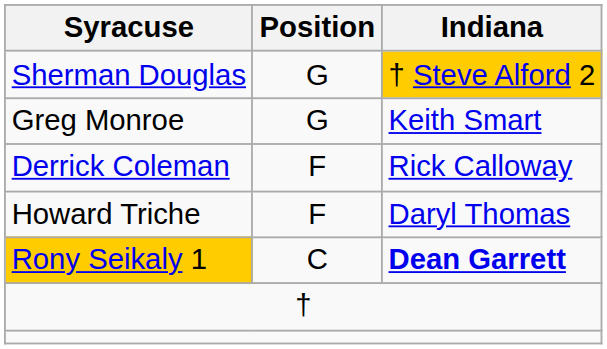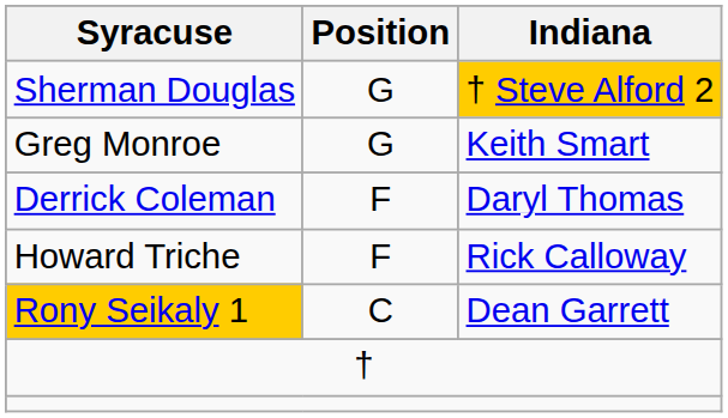 <table class="wikitable">
 <tr>
 <th>Syracuse</th>
 <th colspan="2">Position</th>
 <th>Indiana</th>
 </tr>
 <tr>
 <td><a href='#'>Sherman Douglas</a></td>
 <td colspan=2 style="text-align:center">G</td>
 <td style="background:#ffcc00">† <a href='#'>Steve Alford</a> 2</td>
 </tr>
 <tr>
 <td>Greg Monroe</td>
 <td colspan=2 style="text-align:center">G</td>
 <td><a href='#'>Keith Smart</a></td>
 </tr>
 <tr>
 <td><a href='#'>Derrick Coleman</a></td>
 <td colspan=2 style="text-align:center">F</td>
-<td><a href='#'>Rick Calloway</a></td>
+<td><a href='#'>Daryl Thomas</a></td>
 </tr>
 <tr>
 <td>Howard Triche</td>
 <td colspan=2 style="text-align:center">F</td>
-<td><a href='#'>Daryl Thomas</a></td>
+<td><a href='#'>Rick Calloway</a></td>
 </tr>
 <tr>
 <td style="background:#ffcc00"><a href='#'>Rony Seikaly</a> 1</td>
 <td colspan=2 style="text-align:center">C</td>
-<td><strong><a href='#'>Dean Garrett</a></strong></td>
+<td><a href='#'>Dean Garrett</a></td>
 </tr>
 <tr>
 <td colspan="5" align=center>† </td>
 </tr>
 <tr>
 <td colspan="5" align=center></td>
 </tr>
 </table>
